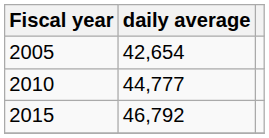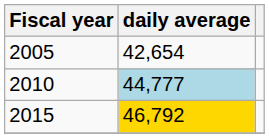 <table class="wikitable">
 <tr>
 <th>Fiscal year</th>
 <th>daily average</th>
 <th></th>
 </tr>
 <tr>
 <td>2005</td>
 <td>42,654</td>
 <td></td>
 </tr>
 <tr>
 <td>2010</td>
-<td>44,777</td>
+<td style="background: lightblue;">44,777</td>
 <td></td>
 </tr>
 <tr>
 <td>2015</td>
-<td>46,792</td>
+<td style="background: gold;">46,792</td>
 <td></td>
 </tr>
 <tr>
 </tr>
 </table>
